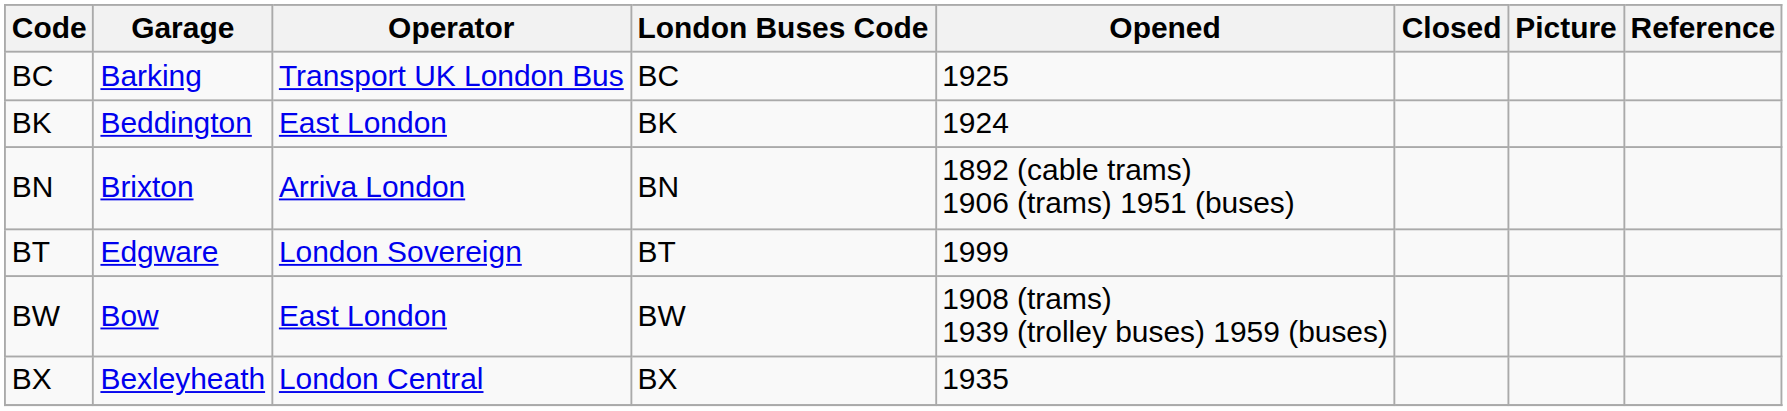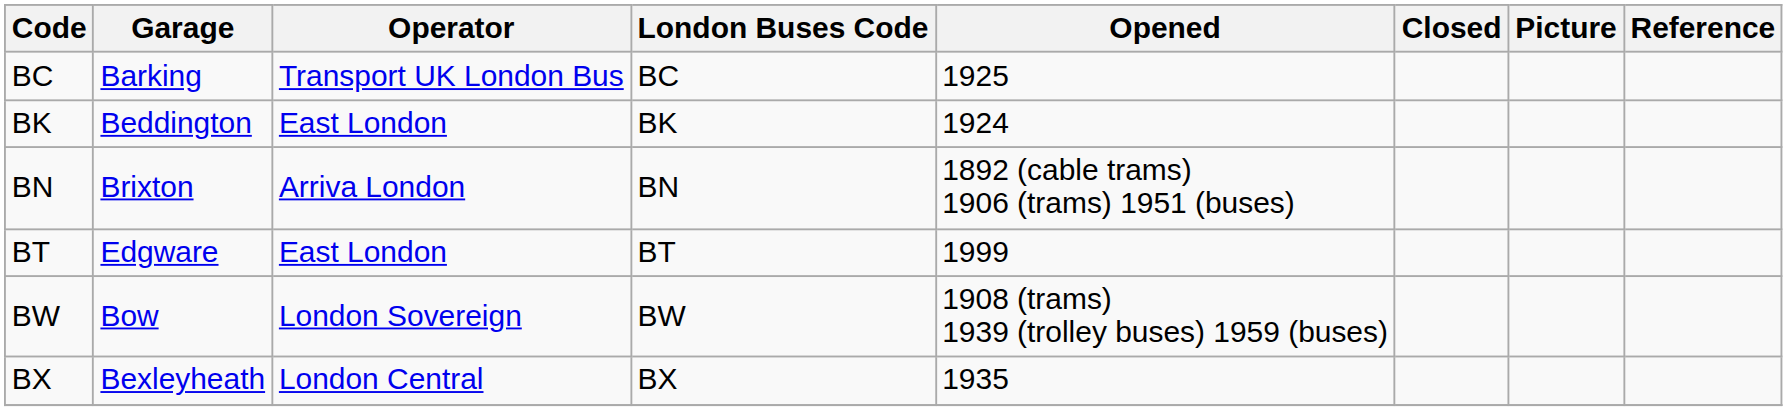 <table class="wikitable">
 <tr>
 <th>Code</th>
 <th>Garage</th>
 <th>Operator</th>
 <th>London Buses Code</th>
 <th>Opened</th>
 <th>Closed</th>
 <th>Picture</th>
 <th>Reference</th>
 </tr>
 <tr>
 <td>BC</td>
 <td><a href='#'>Barking</a></td>
 <td><a href='#'>Transport UK London Bus</a></td>
 <td>BC</td>
 <td>1925</td>
 <td></td>
 <td></td>
 <td></td>
 </tr>
 <tr>
 <td>BK</td>
 <td><a href='#'>Beddington</a></td>
 <td><a href='#'>East London</a></td>
 <td>BK</td>
 <td>1924</td>
 <td></td>
 <td></td>
 <td></td>
 </tr>
 <tr>
 <td>BN</td>
 <td><a href='#'>Brixton</a></td>
 <td><a href='#'>Arriva London</a></td>
 <td>BN</td>
 <td>1892 (cable trams)<br>1906 (trams) 1951 (buses)</td>
 <td></td>
 <td></td>
 <td></td>
 </tr>
 <tr>
 <td>BT</td>
 <td><a href='#'>Edgware</a></td>
-<td><a href='#'>London Sovereign</a></td>
+<td><a href='#'>East London</a></td>
 <td>BT</td>
 <td>1999</td>
 <td></td>
 <td></td>
 <td></td>
 </tr>
 <tr>
 <td>BW</td>
 <td><a href='#'>Bow</a></td>
-<td><a href='#'>East London</a></td>
+<td><a href='#'>London Sovereign</a></td>
 <td>BW</td>
 <td>1908 (trams)<br>1939 (trolley buses) 1959 (buses)</td>
 <td></td>
 <td></td>
 <td></td>
 </tr>
 <tr>
 <td>BX</td>
 <td><a href='#'>Bexleyheath</a></td>
 <td><a href='#'>London Central</a></td>
 <td>BX</td>
 <td>1935</td>
 <td></td>
 <td></td>
 <td></td>
 </tr>
 <tr>
 </tr>
 </table>
